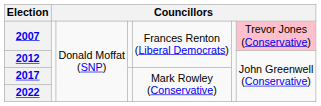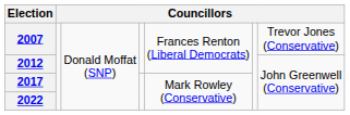 <table class="wikitable" style="text-align:center">
 <tr>
 <th>Election</th>
 <th colspan=8>Councillors</th>
 </tr>
 <tr>
 <th><a href='#'>2007</a></th>
 <td rowspan=4; style="background-color: "></td>
 <td rowspan=4>Donald Moffat<br>(<a href='#'>SNP</a>)</td>
 <td rowspan=2; style="background-color: "></td>
 <td rowspan=2>Frances Renton<br>(<a href='#'>Liberal Democrats</a>)</td>
 <td rowspan=4; style="background-color: "></td>
-<td rowspan=1 style="background: pink;">Trevor Jones<br>(<a href='#'>Conservative</a>)</td>
+<td rowspan=1>Trevor Jones<br>(<a href='#'>Conservative</a>)</td>
 </tr>
 <tr>
 <th><a href='#'>2012</a></th>
 <td rowspan=3>John Greenwell<br>(<a href='#'>Conservative</a>)</td>
 </tr>
 <tr>
 <th><a href='#'>2017</a></th>
 <td rowspan=2; style="background-color: "></td>
 <td rowspan=2>Mark Rowley<br>(<a href='#'>Conservative</a>)</td>
 </tr>
 <tr>
 <th><a href='#'>2022</a></th>
 </tr>
 </table>
